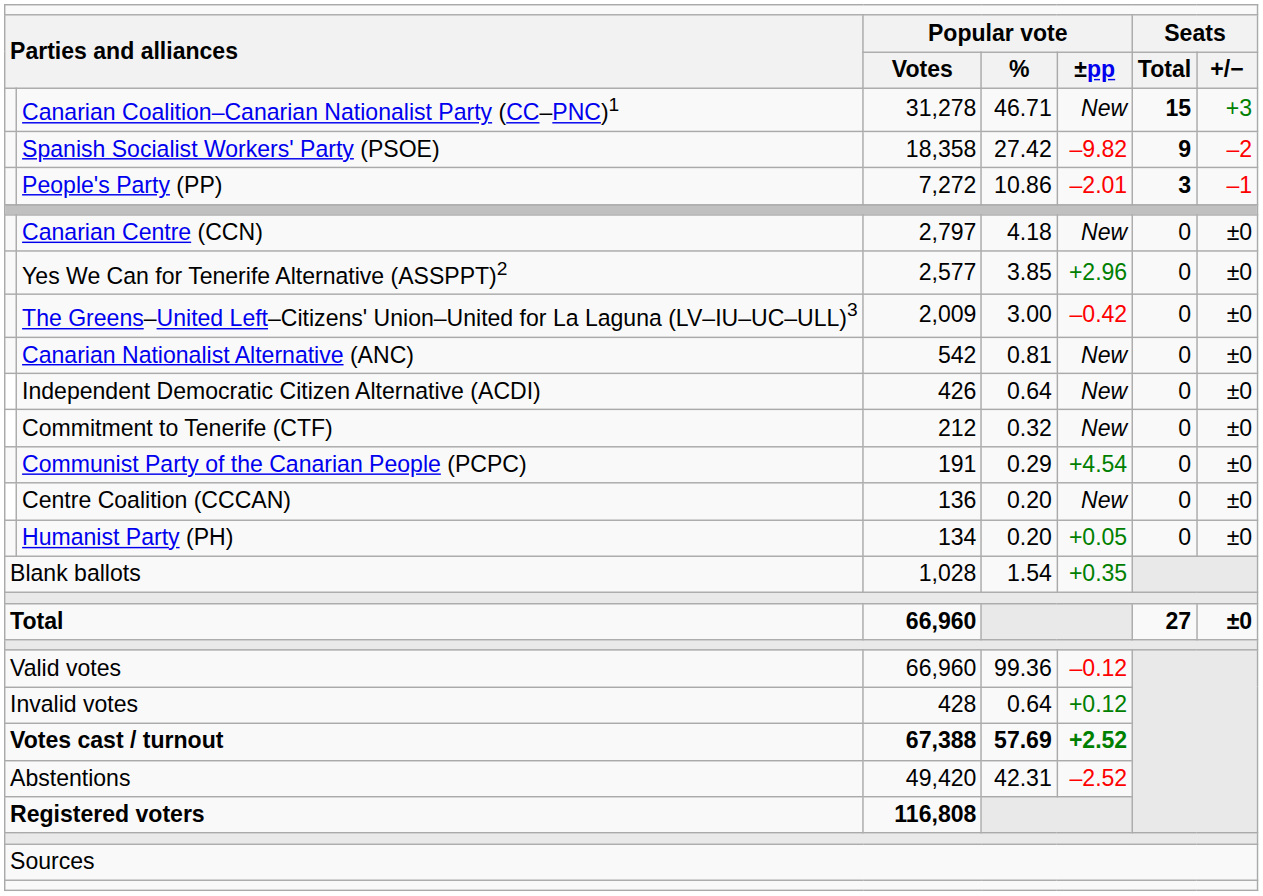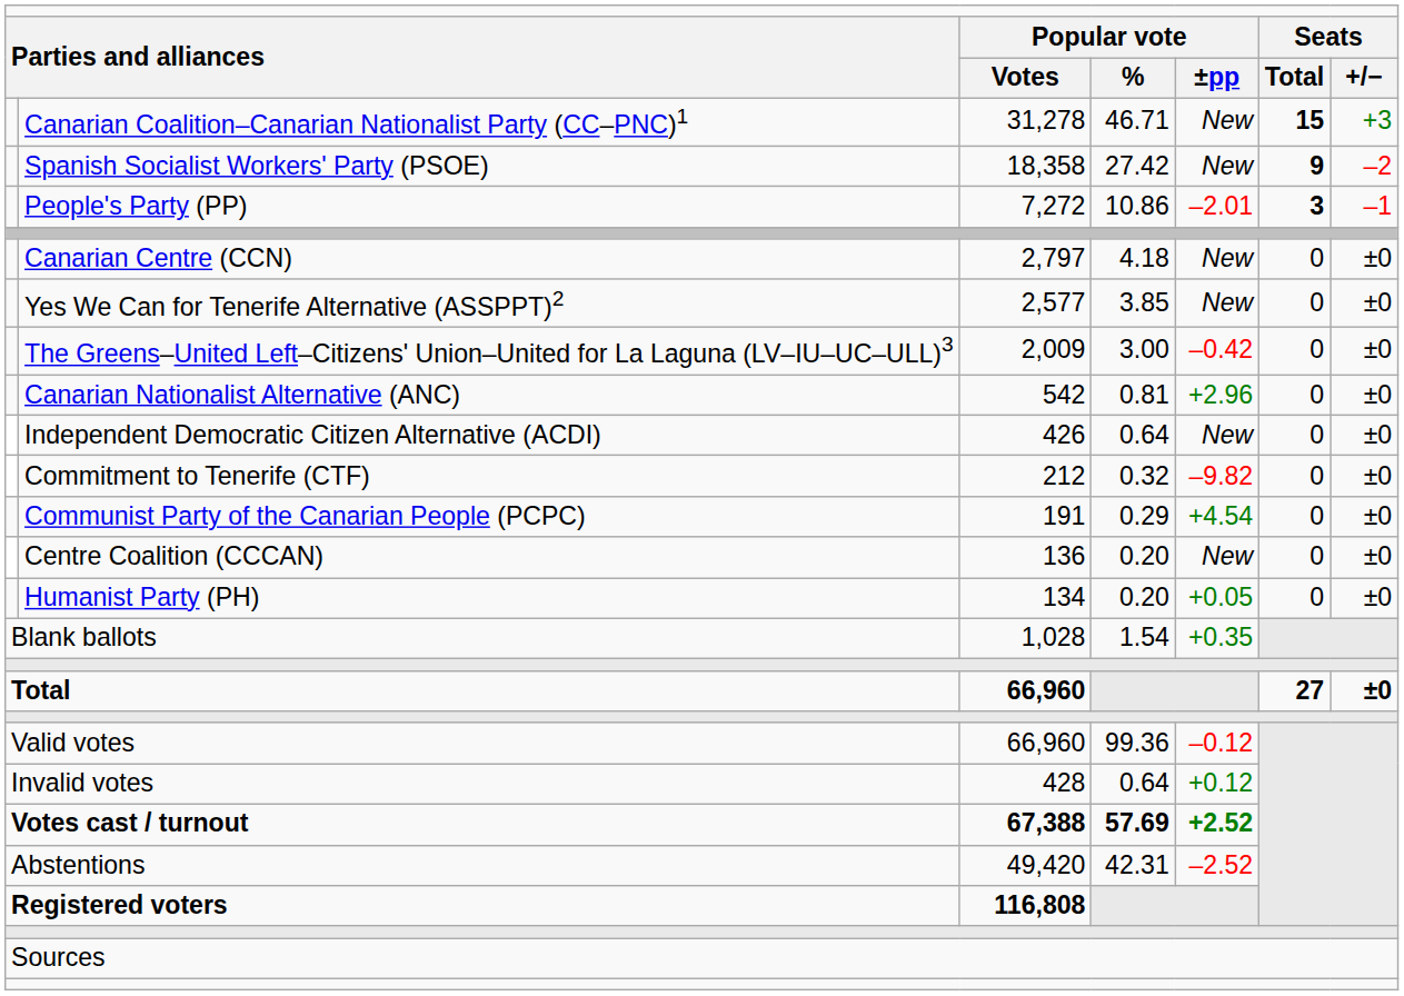 <table class="wikitable" style="text-align:right;">
 <tr>
 <td colspan="7"></td>
 </tr>
 <tr>
 <th style="text-align:left;" rowspan="2" colspan="2" width="525">Parties and alliances</th>
 <th colspan="3">Popular vote</th>
 <th colspan="2">Seats</th>
 </tr>
 <tr>
 <th width="75">Votes</th>
 <th width="45">%</th>
 <th width="45">±<a href='#'>pp</a></th>
 <th width="35">Total</th>
 <th width="35">+/−</th>
 </tr>
 <tr>
 <td width="1" style="color:inherit;background:"></td>
 <td align="left"><a href='#'>Canarian Coalition–Canarian Nationalist Party</a> (<a href='#'>CC</a>–<a href='#'>PNC</a>)<sup>1</sup></td>
 <td>31,278</td>
 <td>46.71</td>
 <td><em>New</em></td>
 <td><strong>15</strong></td>
 <td style="color:green;">+3</td>
 </tr>
 <tr>
 <td style="color:inherit;background:"></td>
 <td align="left"><a href='#'>Spanish Socialist Workers' Party</a> (PSOE)</td>
 <td>18,358</td>
 <td>27.42</td>
-<td style="color:red;">–9.82</td>
+<td><em>New</em></td>
 <td><strong>9</strong></td>
 <td style="color:red;">–2</td>
 </tr>
 <tr>
 <td style="color:inherit;background:"></td>
 <td align="left"><a href='#'>People's Party</a> (PP)</td>
 <td>7,272</td>
 <td>10.86</td>
 <td style="color:red;">–2.01</td>
 <td><strong>3</strong></td>
 <td style="color:red;">–1</td>
 </tr>
 <tr>
 <td colspan="7" style="color:inherit;background:#C0C0C0"></td>
 </tr>
 <tr>
 <td style="color:inherit;background:"></td>
 <td align="left"><a href='#'>Canarian Centre</a> (CCN)</td>
 <td>2,797</td>
 <td>4.18</td>
 <td><em>New</em></td>
 <td>0</td>
 <td>±0</td>
 </tr>
 <tr>
 <td style="color:inherit;background:"></td>
 <td align="left">Yes We Can for Tenerife Alternative (ASSPPT)<sup>2</sup></td>
 <td>2,577</td>
 <td>3.85</td>
-<td style="color:green;">+2.96</td>
+<td><em>New</em></td>
 <td>0</td>
 <td>±0</td>
 </tr>
 <tr>
 <td style="color:inherit;background:"></td>
 <td align="left"><a href='#'>The Greens</a>–<a href='#'>United Left</a>–Citizens' Union–United for La Laguna (LV–IU–UC–ULL)<sup>3</sup></td>
 <td>2,009</td>
 <td>3.00</td>
 <td style="color:red;">–0.42</td>
 <td>0</td>
 <td>±0</td>
 </tr>
 <tr>
 <td style="color:inherit;background:"></td>
 <td align="left"><a href='#'>Canarian Nationalist Alternative</a> (ANC)</td>
 <td>542</td>
 <td>0.81</td>
-<td><em>New</em></td>
+<td style="color:green;">+2.96</td>
 <td>0</td>
 <td>±0</td>
 </tr>
 <tr>
 <td bgcolor="white"></td>
 <td align="left">Independent Democratic Citizen Alternative (ACDI)</td>
 <td>426</td>
 <td>0.64</td>
 <td><em>New</em></td>
 <td>0</td>
 <td>±0</td>
 </tr>
 <tr>
 <td bgcolor="white"></td>
 <td align="left">Commitment to Tenerife (CTF)</td>
 <td>212</td>
 <td>0.32</td>
-<td><em>New</em></td>
+<td style="color:red;">–9.82</td>
 <td>0</td>
 <td>±0</td>
 </tr>
 <tr>
 <td style="color:inherit;background:"></td>
 <td align="left"><a href='#'>Communist Party of the Canarian People</a> (PCPC)</td>
 <td>191</td>
 <td>0.29</td>
 <td style="color:green;">+4.54</td>
 <td>0</td>
 <td>±0</td>
 </tr>
 <tr>
 <td bgcolor="white"></td>
 <td align="left">Centre Coalition (CCCAN)</td>
 <td>136</td>
 <td>0.20</td>
 <td><em>New</em></td>
 <td>0</td>
 <td>±0</td>
 </tr>
 <tr>
 <td style="color:inherit;background:"></td>
 <td align="left"><a href='#'>Humanist Party</a> (PH)</td>
 <td>134</td>
 <td>0.20</td>
 <td style="color:green;">+0.05</td>
 <td>0</td>
 <td>±0</td>
 </tr>
 <tr>
 <td align="left" colspan="2">Blank ballots</td>
 <td>1,028</td>
 <td>1.54</td>
 <td style="color:green;">+0.35</td>
 <td style="color:inherit;background:#E9E9E9" colspan="2"></td>
 </tr>
 <tr>
 <td colspan="7" style="color:inherit;background:#E9E9E9"></td>
 </tr>
 <tr style="font-weight:bold;">
 <td align="left" colspan="2">Total</td>
 <td>66,960</td>
 <td bgcolor="#E9E9E9" colspan="2"></td>
 <td>27</td>
 <td>±0</td>
 </tr>
 <tr>
 <td colspan="7" style="color:inherit;background:#E9E9E9"></td>
 </tr>
 <tr>
 <td align="left" colspan="2">Valid votes</td>
 <td>66,960</td>
 <td>99.36</td>
 <td style="color:red;">–0.12</td>
 <td bgcolor="#E9E9E9" colspan="2" rowspan="5"></td>
 </tr>
 <tr>
 <td align="left" colspan="2">Invalid votes</td>
 <td>428</td>
 <td>0.64</td>
 <td style="color:green;">+0.12</td>
 </tr>
 <tr style="font-weight:bold;">
 <td align="left" colspan="2">Votes cast / turnout</td>
 <td>67,388</td>
 <td>57.69</td>
 <td style="color:green;">+2.52</td>
 </tr>
 <tr>
 <td align="left" colspan="2">Abstentions</td>
 <td>49,420</td>
 <td>42.31</td>
 <td style="color:red;">–2.52</td>
 </tr>
 <tr style="font-weight:bold;">
 <td align="left" colspan="2">Registered voters</td>
 <td>116,808</td>
 <td bgcolor="#E9E9E9" colspan="2"></td>
 </tr>
 <tr>
 <td colspan="7" style="color:inherit;background:#E9E9E9"></td>
 </tr>
 <tr>
 <td align="left" colspan="7">Sources</td>
 </tr>
 <tr>
 <td colspan="7" style="text-align:left; max-width:790px;"></td>
 </tr>
 </table>
